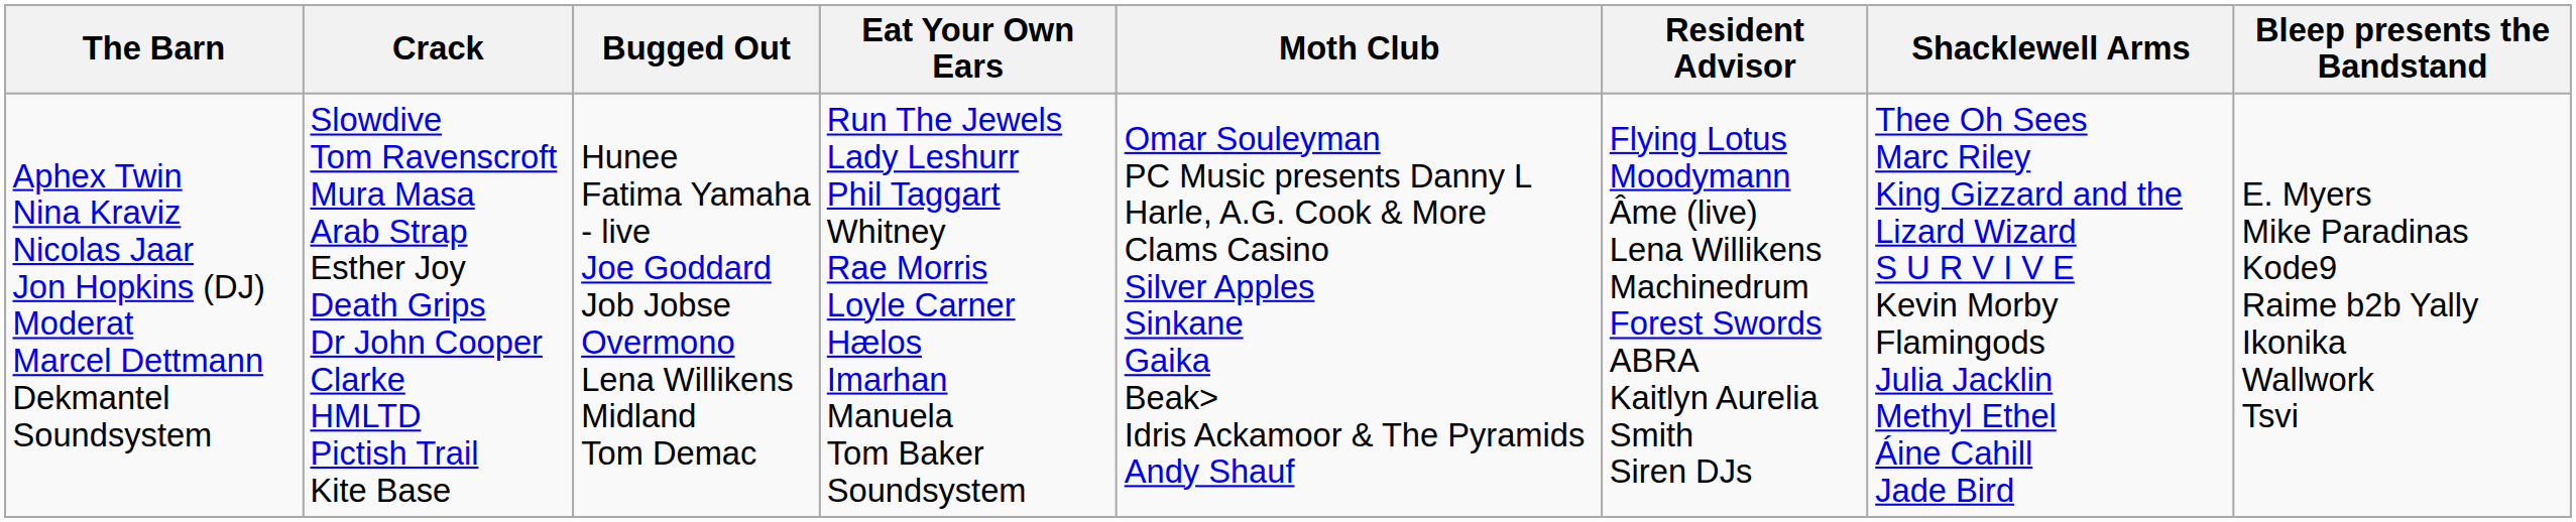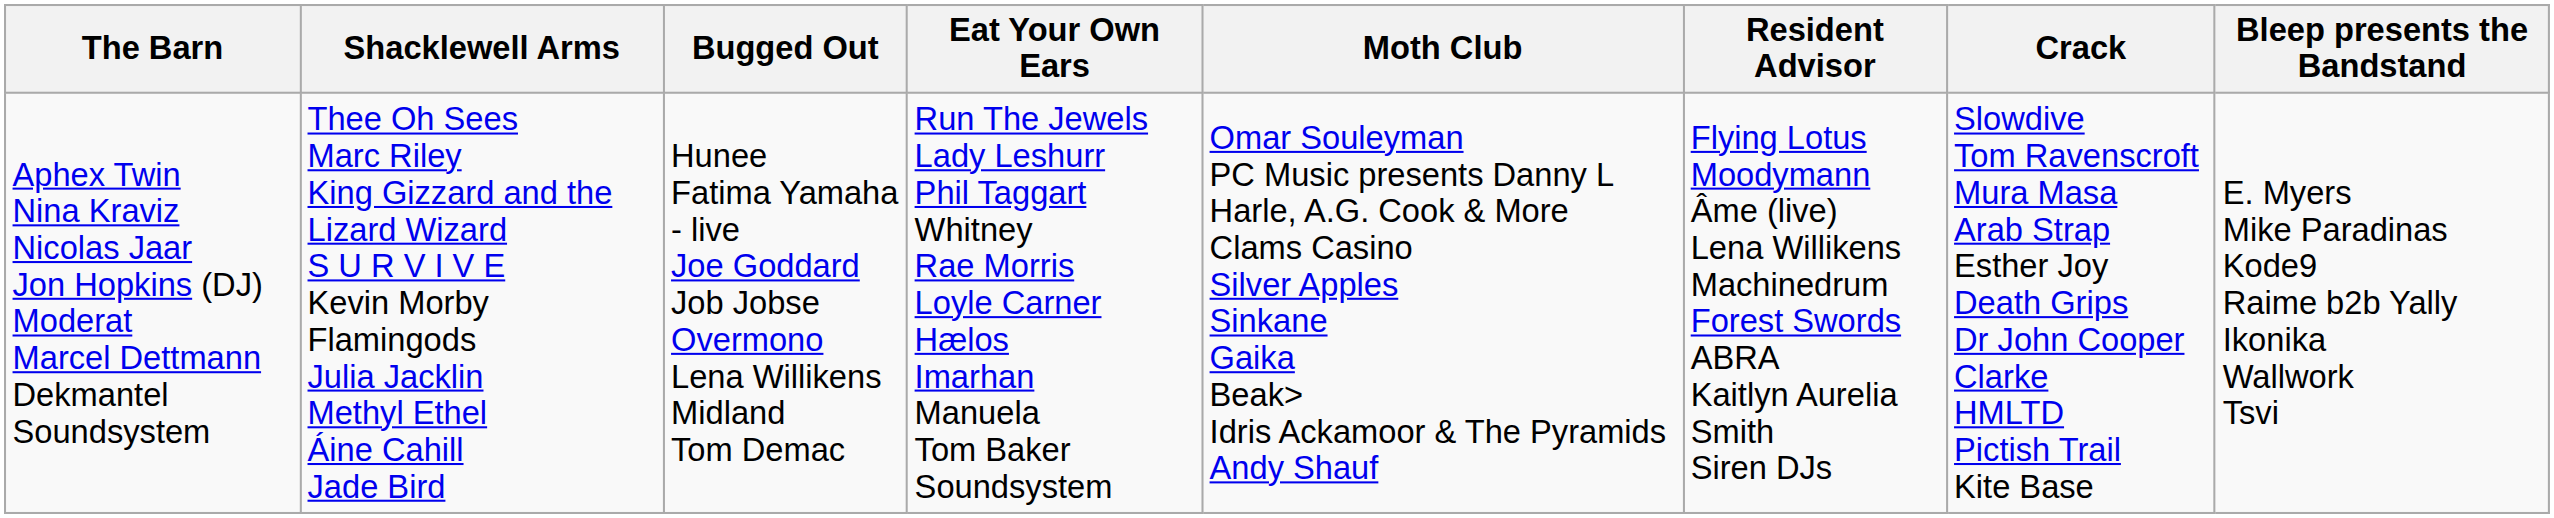 <table class="wikitable">
 <tr>
 <th>The Barn</th>
-<th>Crack</th>
+<th>Shacklewell Arms</th>
 <th>Bugged Out</th>
 <th>Eat Your Own Ears</th>
 <th>Moth Club</th>
 <th>Resident Advisor</th>
-<th>Shacklewell Arms</th>
+<th>Crack</th>
 <th>Bleep presents the Bandstand</th>
 </tr>
 <tr>
 <td><a href='#'>Aphex Twin</a><br><a href='#'>Nina Kraviz</a><br><a href='#'>Nicolas Jaar</a><br><a href='#'>Jon Hopkins</a> (DJ)<br><a href='#'>Moderat</a><br><a href='#'>Marcel Dettmann</a><br>Dekmantel Soundsystem</td>
-<td><a href='#'>Slowdive</a><br><a href='#'>Tom Ravenscroft</a><br><a href='#'>Mura Masa</a><br><a href='#'>Arab Strap</a><br>Esther Joy<br><a href='#'>Death Grips</a><br><a href='#'>Dr John Cooper Clarke</a><br><a href='#'>HMLTD</a><br><a href='#'>Pictish Trail</a><br>Kite Base</td>
+<td><a href='#'>Thee Oh Sees</a><br><a href='#'>Marc Riley</a><br><a href='#'>King Gizzard and the Lizard Wizard</a><br><a href='#'>S U R V I V E</a><br>Kevin Morby<br>Flamingods<br><a href='#'>Julia Jacklin</a><br><a href='#'>Methyl Ethel</a><br><a href='#'>Áine Cahill</a><br><a href='#'>Jade Bird</a></td>
 <td>Hunee<br>Fatima Yamaha - live<br><a href='#'>Joe Goddard</a><br>Job Jobse<br><a href='#'>Overmono</a><br>Lena Willikens<br>Midland<br>Tom Demac</td>
 <td><a href='#'>Run The Jewels</a><br><a href='#'>Lady Leshurr</a><br><a href='#'>Phil Taggart</a><br>Whitney<br><a href='#'>Rae Morris</a><br><a href='#'>Loyle Carner</a><br><a href='#'>Hælos</a><br><a href='#'>Imarhan</a><br>Manuela<br>Tom Baker Soundsystem</td>
 <td><a href='#'>Omar Souleyman</a><br>PC Music presents Danny L Harle, A.G. Cook & More<br>Clams Casino<br><a href='#'>Silver Apples</a><br><a href='#'>Sinkane</a><br><a href='#'>Gaika</a><br>Beak><br>Idris Ackamoor & The Pyramids<br><a href='#'>Andy Shauf</a></td>
 <td><a href='#'>Flying Lotus</a><br><a href='#'>Moodymann</a><br>Âme (live)<br>Lena Willikens<br>Machinedrum<br><a href='#'>Forest Swords</a><br>ABRA<br>Kaitlyn Aurelia Smith<br>Siren DJs</td>
-<td><a href='#'>Thee Oh Sees</a><br><a href='#'>Marc Riley</a><br><a href='#'>King Gizzard and the Lizard Wizard</a><br><a href='#'>S U R V I V E</a><br>Kevin Morby<br>Flamingods<br><a href='#'>Julia Jacklin</a><br><a href='#'>Methyl Ethel</a><br><a href='#'>Áine Cahill</a><br><a href='#'>Jade Bird</a></td>
+<td><a href='#'>Slowdive</a><br><a href='#'>Tom Ravenscroft</a><br><a href='#'>Mura Masa</a><br><a href='#'>Arab Strap</a><br>Esther Joy<br><a href='#'>Death Grips</a><br><a href='#'>Dr John Cooper Clarke</a><br><a href='#'>HMLTD</a><br><a href='#'>Pictish Trail</a><br>Kite Base</td>
 <td>E. Myers<br>Mike Paradinas<br>Kode9<br>Raime b2b Yally<br>Ikonika<br>Wallwork<br>Tsvi</td>
 </tr>
 </table>
